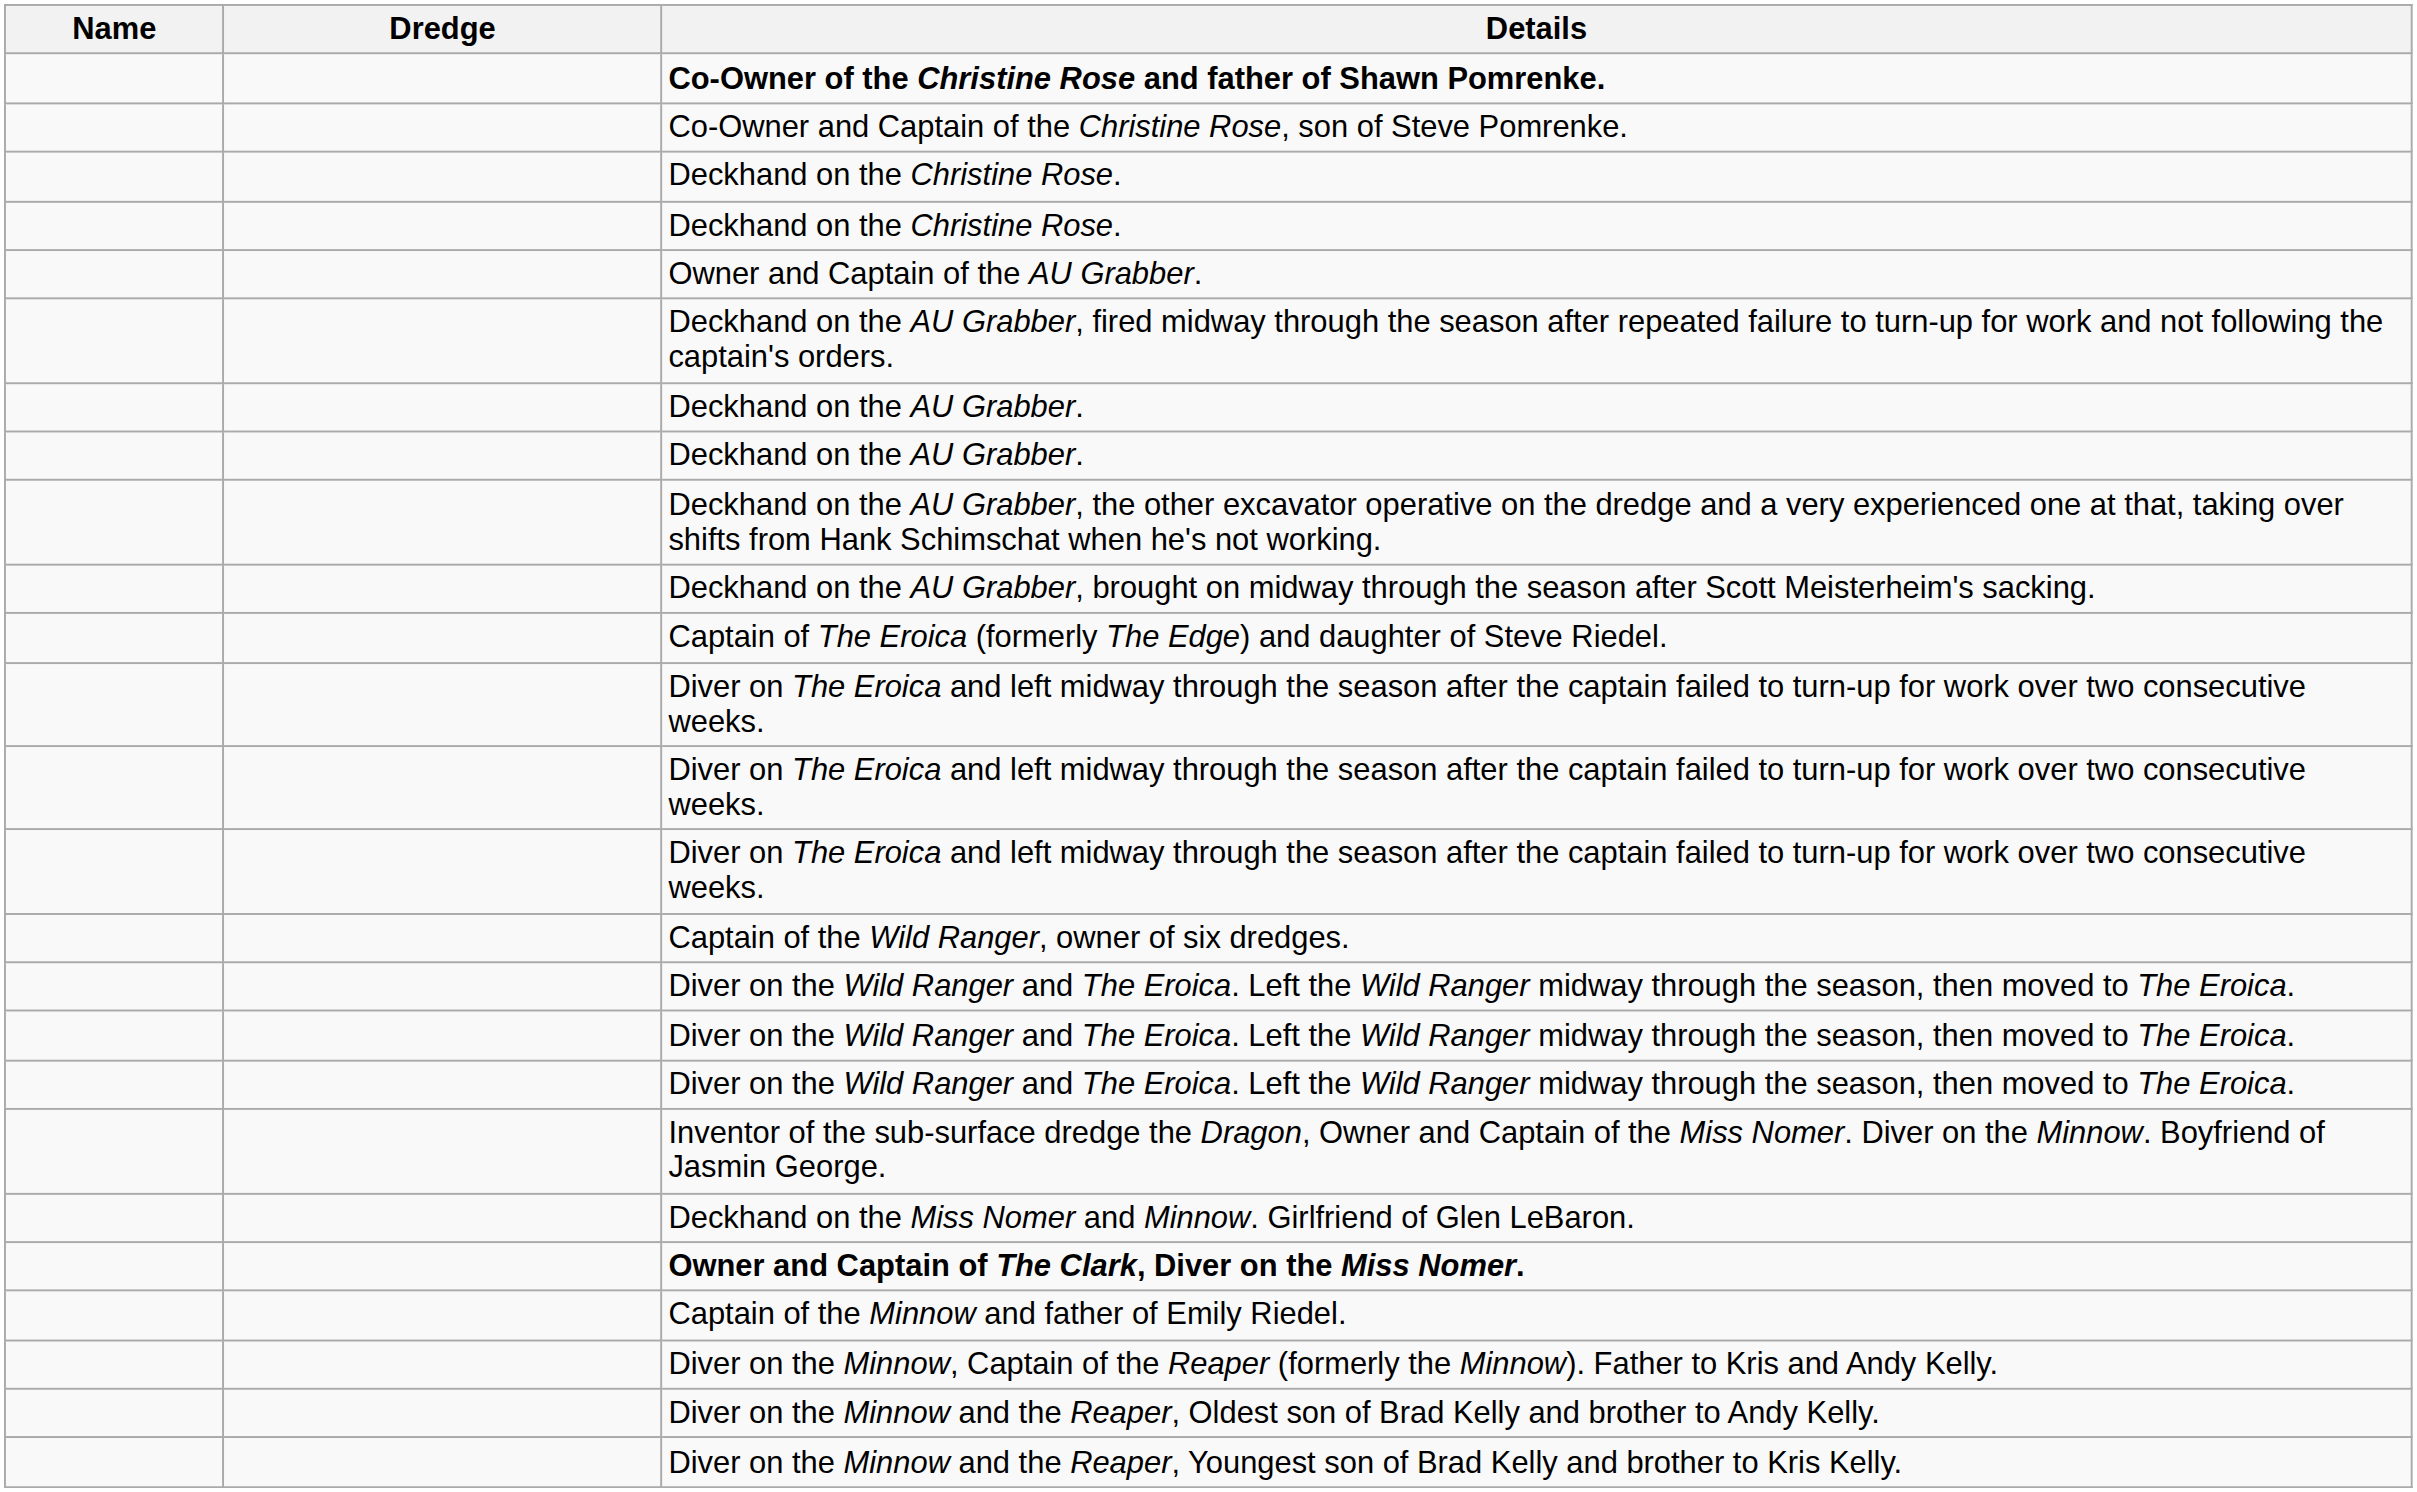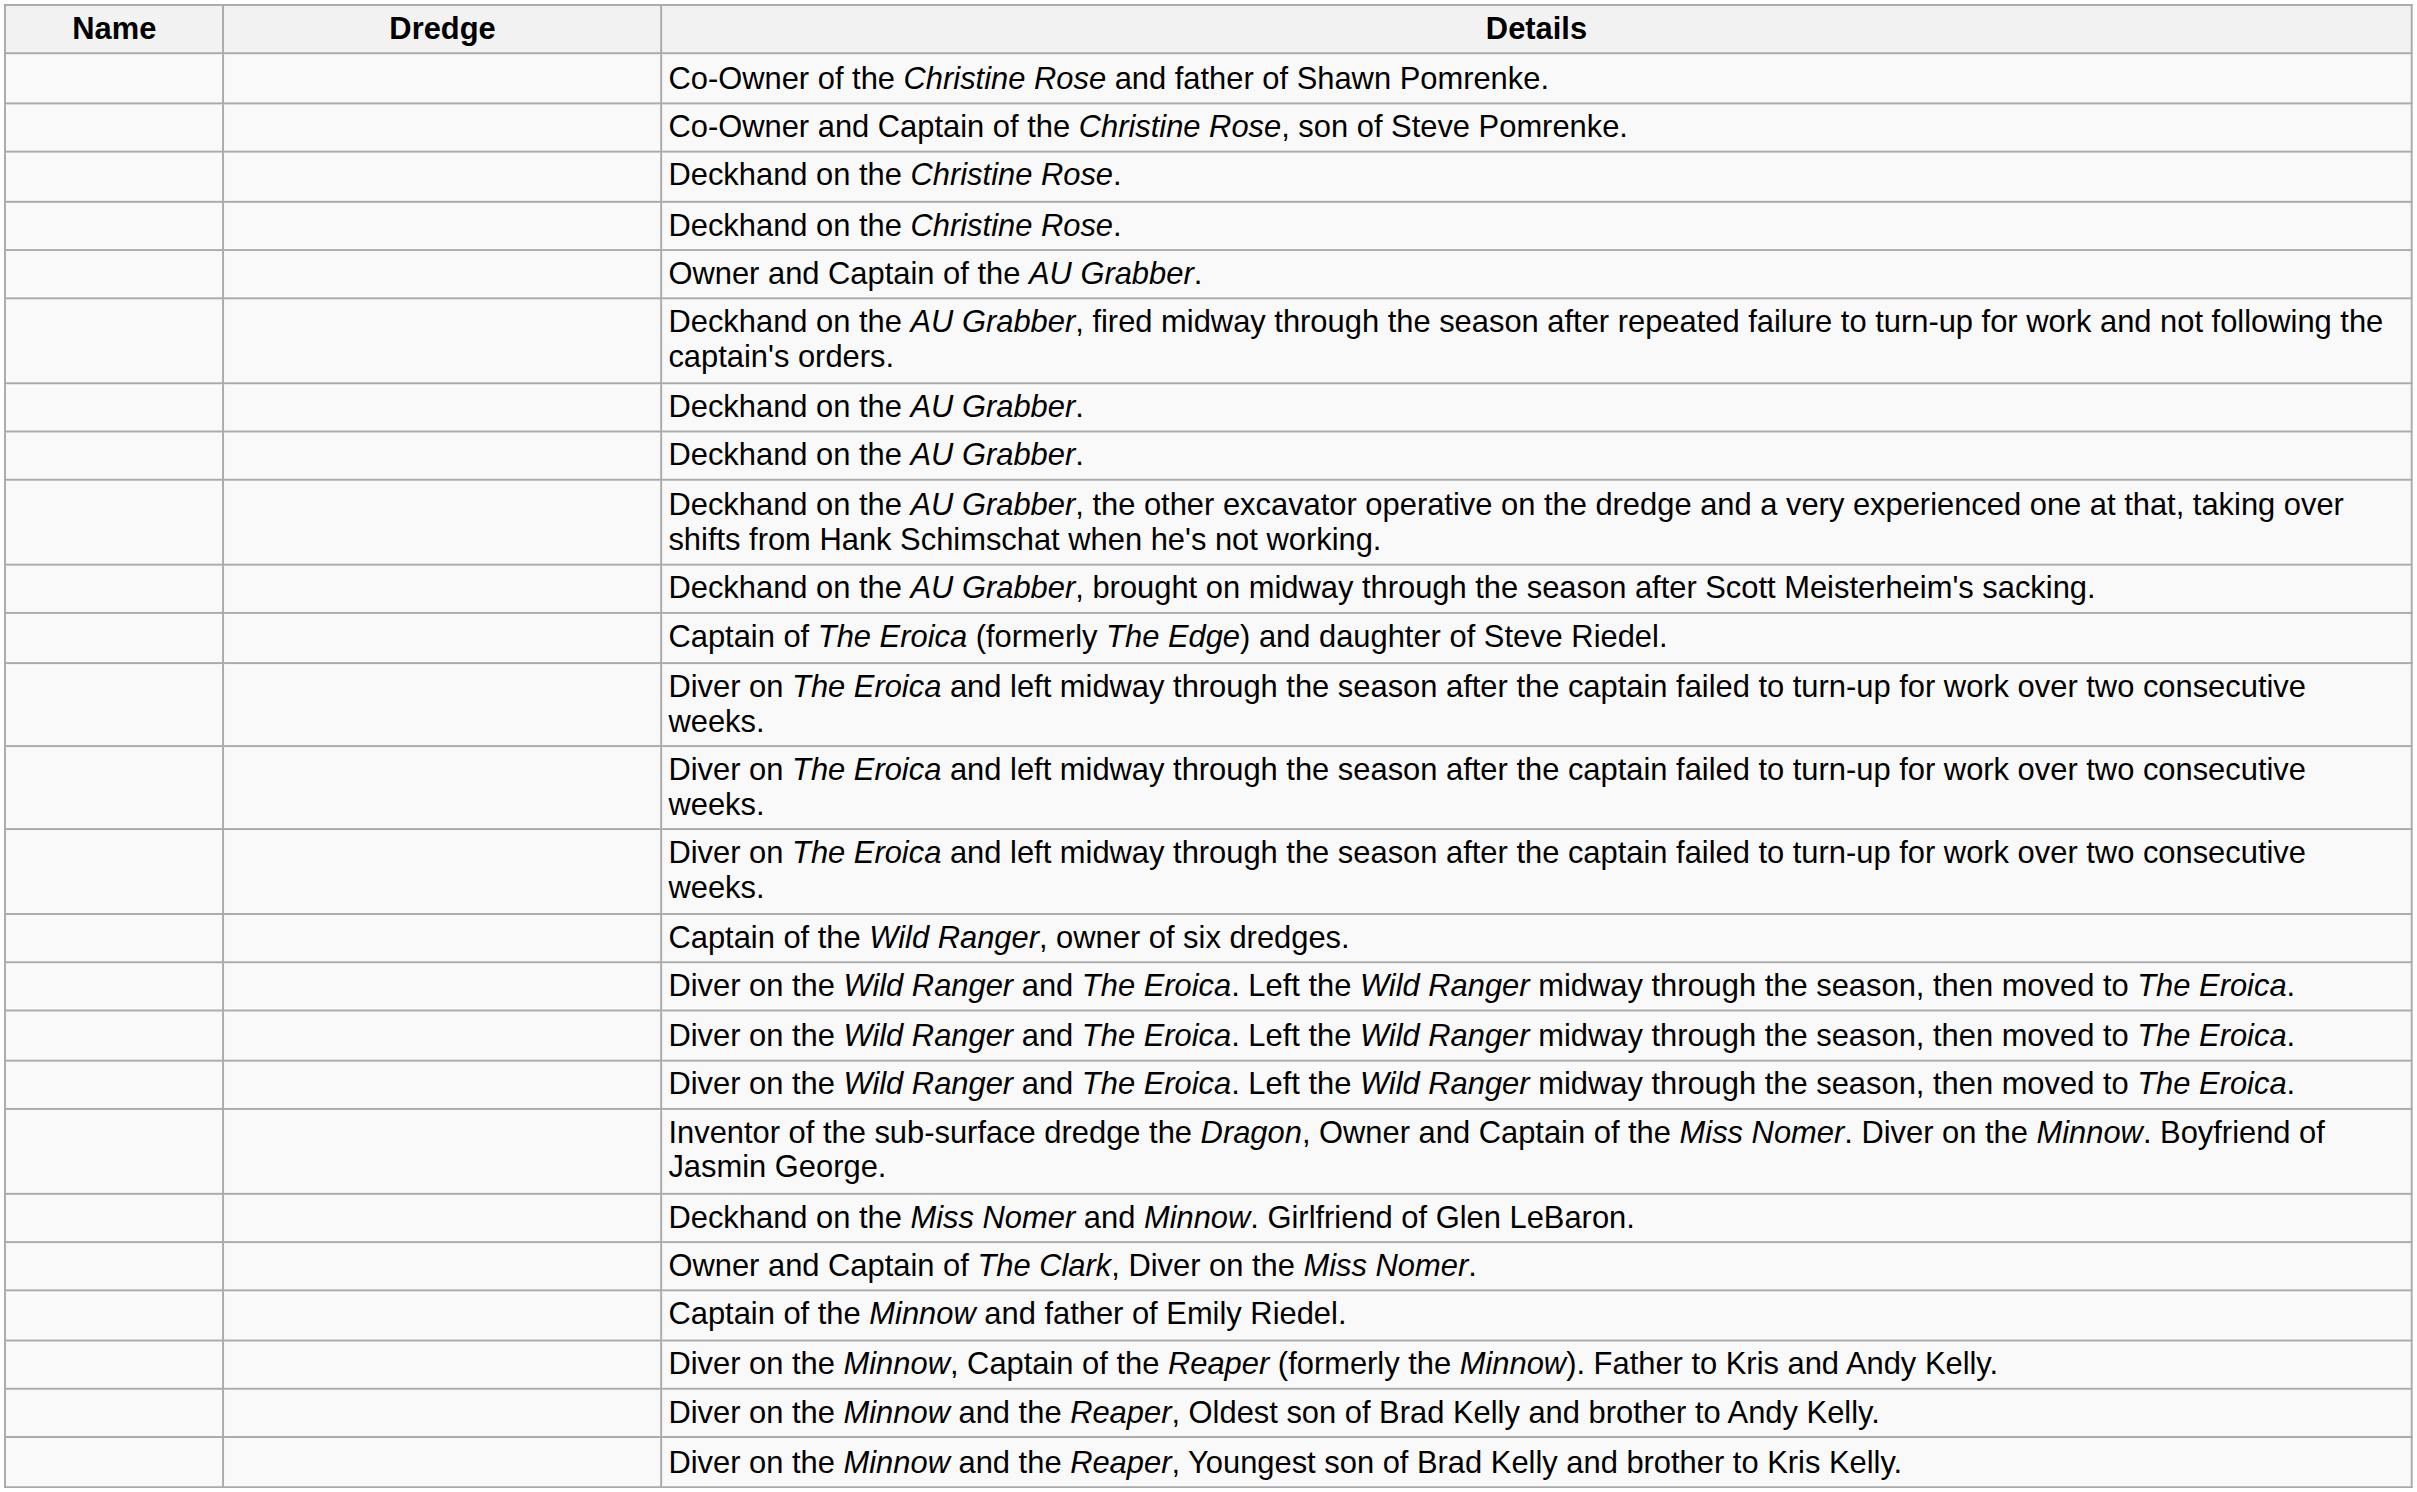 <table class=wikitable>
 <tr>
 <th style="width:5%;">Name</th>
 <th style="width:10%;">Dredge</th>
 <th colspan="12" style="width:40%;">Details</th>
 </tr>
 <tr>
 <td></td>
 <td></td>
-<td><strong>Co-Owner of the <em>Christine Rose</em> and father of Shawn Pomrenke.</strong></td>
+<td>Co-Owner of the <em>Christine Rose</em> and father of Shawn Pomrenke.</td>
 </tr>
 <tr>
 <td></td>
 <td></td>
 <td>Co-Owner and Captain of the <em>Christine Rose</em>, son of Steve Pomrenke.</td>
 </tr>
 <tr>
 <td></td>
 <td></td>
 <td>Deckhand on the <em>Christine Rose</em>.</td>
 </tr>
 <tr>
 <td></td>
 <td></td>
 <td>Deckhand on the <em>Christine Rose</em>.</td>
 </tr>
 <tr>
 <td></td>
 <td></td>
 <td>Owner and Captain of the <em>AU Grabber</em>.</td>
 </tr>
 <tr>
 <td></td>
 <td></td>
 <td>Deckhand on the <em>AU Grabber</em>, fired midway through the season after repeated failure to turn-up for work and not following the captain's orders.</td>
 </tr>
 <tr>
 <td></td>
 <td></td>
 <td>Deckhand on the <em>AU Grabber</em>.</td>
 </tr>
 <tr>
 <td></td>
 <td></td>
 <td>Deckhand on the <em>AU Grabber</em>.</td>
 </tr>
 <tr>
 <td></td>
 <td></td>
 <td>Deckhand on the <em>AU Grabber</em>, the other excavator operative on the dredge and a very experienced one at that, taking over shifts from Hank Schimschat when he's not working.</td>
 </tr>
 <tr>
 <td></td>
 <td></td>
 <td>Deckhand on the <em>AU Grabber</em>, brought on midway through the season after Scott Meisterheim's sacking.</td>
 </tr>
 <tr>
 <td></td>
 <td></td>
 <td>Captain of <em>The Eroica</em> (formerly <em>The Edge</em>) and daughter of Steve Riedel.</td>
 </tr>
 <tr>
 <td></td>
 <td></td>
 <td>Diver on <em>The Eroica</em> and left midway through the season after the captain failed to turn-up for work over two consecutive weeks.</td>
 </tr>
 <tr>
 <td></td>
 <td></td>
 <td>Diver on <em>The Eroica</em> and left midway through the season after the captain failed to turn-up for work over two consecutive weeks.</td>
 </tr>
 <tr>
 <td></td>
 <td></td>
 <td>Diver on <em>The Eroica</em> and left midway through the season after the captain failed to turn-up for work over two consecutive weeks.</td>
 </tr>
 <tr>
 <td></td>
 <td></td>
 <td>Captain of the <em>Wild Ranger</em>, owner of six dredges.</td>
 </tr>
 <tr>
 <td></td>
 <td></td>
 <td>Diver on the <em>Wild Ranger</em> and <em>The Eroica</em>. Left the <em>Wild Ranger</em> midway through the season, then moved to <em>The Eroica</em>.</td>
 </tr>
 <tr>
 <td></td>
 <td></td>
 <td>Diver on the <em>Wild Ranger</em> and <em>The Eroica</em>. Left the <em>Wild Ranger</em> midway through the season, then moved to <em>The Eroica</em>.</td>
 </tr>
 <tr>
 <td></td>
 <td></td>
 <td>Diver on the <em>Wild Ranger</em> and <em>The Eroica</em>. Left the <em>Wild Ranger</em> midway through the season, then moved to <em>The Eroica</em>.</td>
 </tr>
 <tr>
 <td></td>
 <td></td>
 <td>Inventor of the sub-surface dredge the <em>Dragon</em>, Owner and Captain of the <em>Miss Nomer</em>. Diver on the <em>Minnow</em>. Boyfriend of Jasmin George.</td>
 </tr>
 <tr>
 <td></td>
 <td></td>
 <td>Deckhand on the <em>Miss Nomer</em> and <em>Minnow</em>. Girlfriend of Glen LeBaron.</td>
 </tr>
 <tr>
 <td></td>
 <td></td>
-<td><strong>Owner and Captain of <em>The Clark</em>, Diver on the <em>Miss Nomer</em>.</strong></td>
+<td>Owner and Captain of <em>The Clark</em>, Diver on the <em>Miss Nomer</em>.</td>
 </tr>
 <tr>
 <td></td>
 <td></td>
 <td>Captain of the <em>Minnow</em> and father of Emily Riedel.</td>
 </tr>
 <tr>
 <td></td>
 <td></td>
 <td>Diver on the <em>Minnow</em>, Captain of the <em>Reaper</em> (formerly the <em>Minnow</em>). Father to Kris and Andy Kelly.</td>
 </tr>
 <tr>
 <td></td>
 <td></td>
 <td>Diver on the <em>Minnow</em> and the <em>Reaper</em>, Oldest son of Brad Kelly and brother to Andy Kelly.</td>
 </tr>
 <tr>
 <td></td>
 <td></td>
 <td>Diver on the <em>Minnow</em> and the <em>Reaper</em>, Youngest son of Brad Kelly and brother to Kris Kelly.</td>
 </tr>
 </table>
